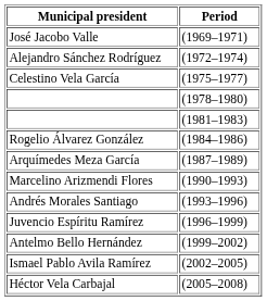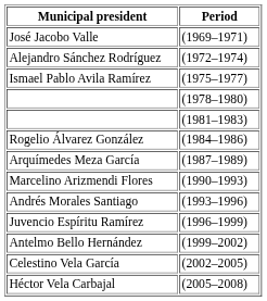 <table border="1" cellpadding="2">
 <tr>
 <th width="210">Municipal president</th>
 <th width="95">Period</th>
 </tr>
 <tr>
 <td>José Jacobo Valle</td>
 <td>(1969–1971)</td>
 </tr>
 <tr>
 <td>Alejandro Sánchez Rodríguez</td>
 <td>(1972–1974)</td>
 </tr>
 <tr>
-<td>Celestino Vela García</td>
+<td>Ismael Pablo Avila Ramírez</td>
 <td>(1975–1977)</td>
 </tr>
 <tr>
 <td></td>
 <td>(1978–1980)</td>
 </tr>
 <tr>
 <td></td>
 <td>(1981–1983)</td>
 </tr>
 <tr>
 <td>Rogelio Álvarez González</td>
 <td>(1984–1986)</td>
 </tr>
 <tr>
 <td>Arquímedes Meza García</td>
 <td>(1987–1989)</td>
 </tr>
 <tr>
 <td>Marcelino Arizmendi Flores</td>
 <td>(1990–1993)</td>
 </tr>
 <tr>
 <td>Andrés Morales Santiago</td>
 <td>(1993–1996)</td>
 </tr>
 <tr>
 <td>Juvencio Espíritu Ramírez</td>
 <td>(1996–1999)</td>
 </tr>
 <tr>
 <td>Antelmo Bello Hernández</td>
 <td>(1999–2002)</td>
 </tr>
 <tr>
-<td>Ismael Pablo Avila Ramírez</td>
+<td>Celestino Vela García</td>
 <td>(2002–2005)</td>
 </tr>
 <tr>
 <td>Héctor Vela Carbajal</td>
 <td>(2005–2008)</td>
 </tr>
 </table>
